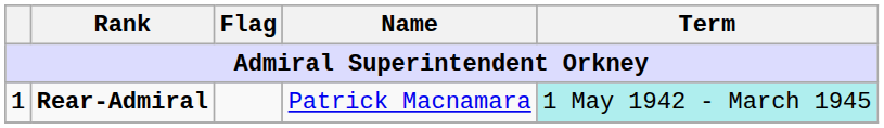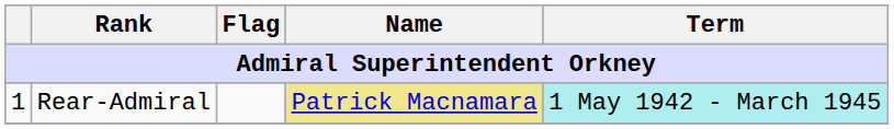 <table class="wikitable">
 <tr>
 <th></th>
 <th>Rank</th>
 <th>Flag</th>
 <th>Name</th>
 <th>Term</th>
 </tr>
 <tr>
 <td colspan="5" align="center" style="background:#dcdcfe;"><strong>Admiral Superintendent Orkney</strong></td>
 </tr>
 <tr>
 <td>1</td>
-<td><strong>Rear-Admiral</strong></td>
+<td>Rear-Admiral</td>
 <td></td>
-<td><a href='#'>Patrick Macnamara</a></td>
+<td style="background: khaki;"><a href='#'>Patrick Macnamara</a></td>
 <td style="background: paleturquoise;">1 May 1942 - March 1945</td>
 </tr>
 <tr>
 </tr>
 </table>
